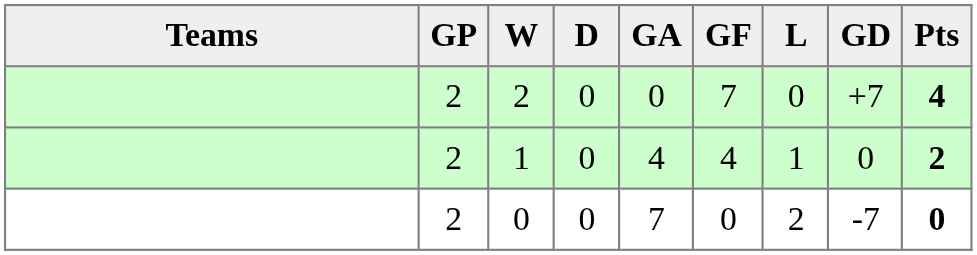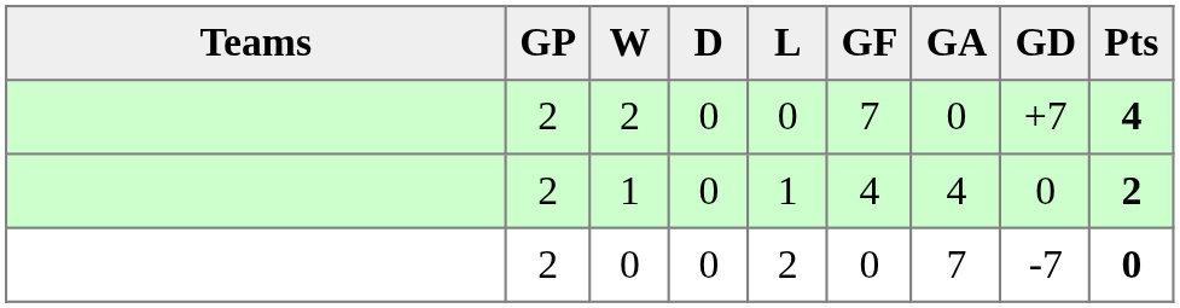 <table style=border-collapse:collapse border=1 cellspacing=0 cellpadding=5>
 <tr align=center bgcolor=#efefef>
 <th width=185>Teams</th>
 <th width=20>GP</th>
 <th width=20>W</th>
 <th width=20>D</th>
+<th width=20>L</th>
+<th width=20>GF</th>
 <th width=20>GA</th>
-<th width=20>GF</th>
-<th width=20>L</th>
 <th width=20>GD</th>
 <th width=20>Pts</th>
 </tr>
 <tr align=center style="background:#ccffcc;">
 <td style="text-align:left;"></td>
 <td>2</td>
 <td>2</td>
 <td>0</td>
 <td>0</td>
 <td>7</td>
 <td>0</td>
 <td>+7</td>
 <td><strong>4</strong></td>
 </tr>
 <tr align=center style="background:#ccffcc;">
 <td style="text-align:left;"></td>
 <td>2</td>
 <td>1</td>
 <td>0</td>
+<td>1</td>
 <td>4</td>
 <td>4</td>
-<td>1</td>
 <td>0</td>
 <td><strong>2</strong></td>
 </tr>
 <tr align=center>
 <td style="text-align:left;"></td>
 <td>2</td>
 <td>0</td>
 <td>0</td>
+<td>2</td>
+<td>0</td>
 <td>7</td>
-<td>0</td>
-<td>2</td>
 <td>-7</td>
 <td><strong>0</strong></td>
 </tr>
 </table>
